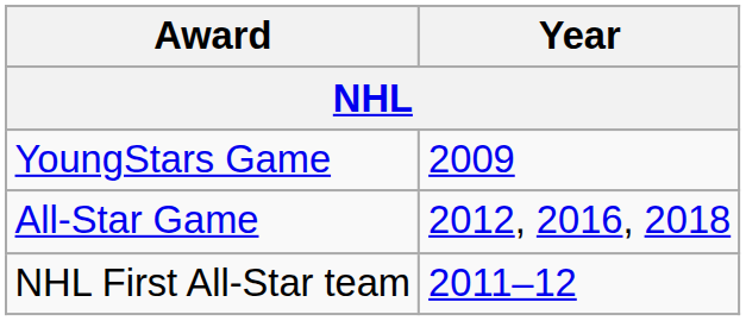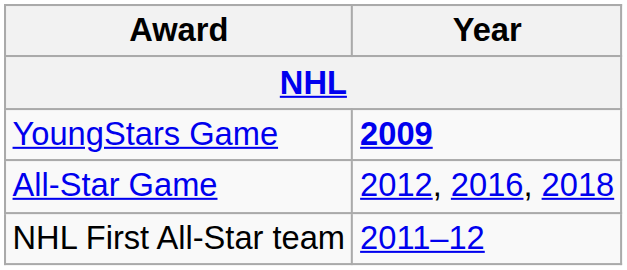 <table class="wikitable">
 <tr>
 <th>Award</th>
 <th>Year</th>
 </tr>
 <tr>
 <th colspan="3"><a href='#'>NHL</a></th>
 </tr>
 <tr>
 <td><a href='#'>YoungStars Game</a></td>
-<td><a href='#'>2009</a></td>
+<td><strong><a href='#'>2009</a></strong></td>
 </tr>
 <tr>
 <td><a href='#'>All-Star Game</a></td>
 <td><a href='#'>2012</a>, <a href='#'>2016</a>, <a href='#'>2018</a></td>
 </tr>
 <tr>
 <td>NHL First All-Star team</td>
 <td><a href='#'>2011–12</a></td>
 </tr>
 </table>
